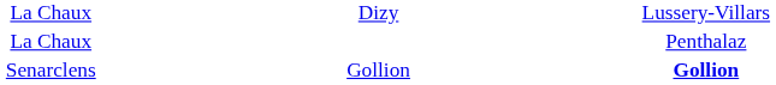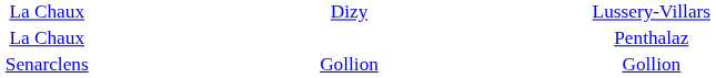 <table border="0" style="width:60%; margin:auto;">
 <tr>
 <td style="width:33%; text-align:center;"><a href='#'>La Chaux</a></td>
 <td style="width:33%; text-align:center;"><a href='#'>Dizy</a></td>
 <td style="width:33%; text-align:center;"><a href='#'>Lussery-Villars</a></td>
 </tr>
 <tr>
 <td style="width:33%; text-align:center;"><a href='#'>La Chaux</a></td>
 <td style="width:33%; text-align:center;"></td>
 <td style="width:33%; text-align:center;"><a href='#'>Penthalaz</a></td>
 </tr>
 <tr style="text-align:center;">
 <td style="width:33%; "><a href='#'>Senarclens</a></td>
 <td style="width:33%; "><a href='#'>Gollion</a></td>
-<td style="width:33%; "><strong><a href='#'>Gollion</a></strong></td>
+<td style="width:33%; "><a href='#'>Gollion</a></td>
 </tr>
 </table>
